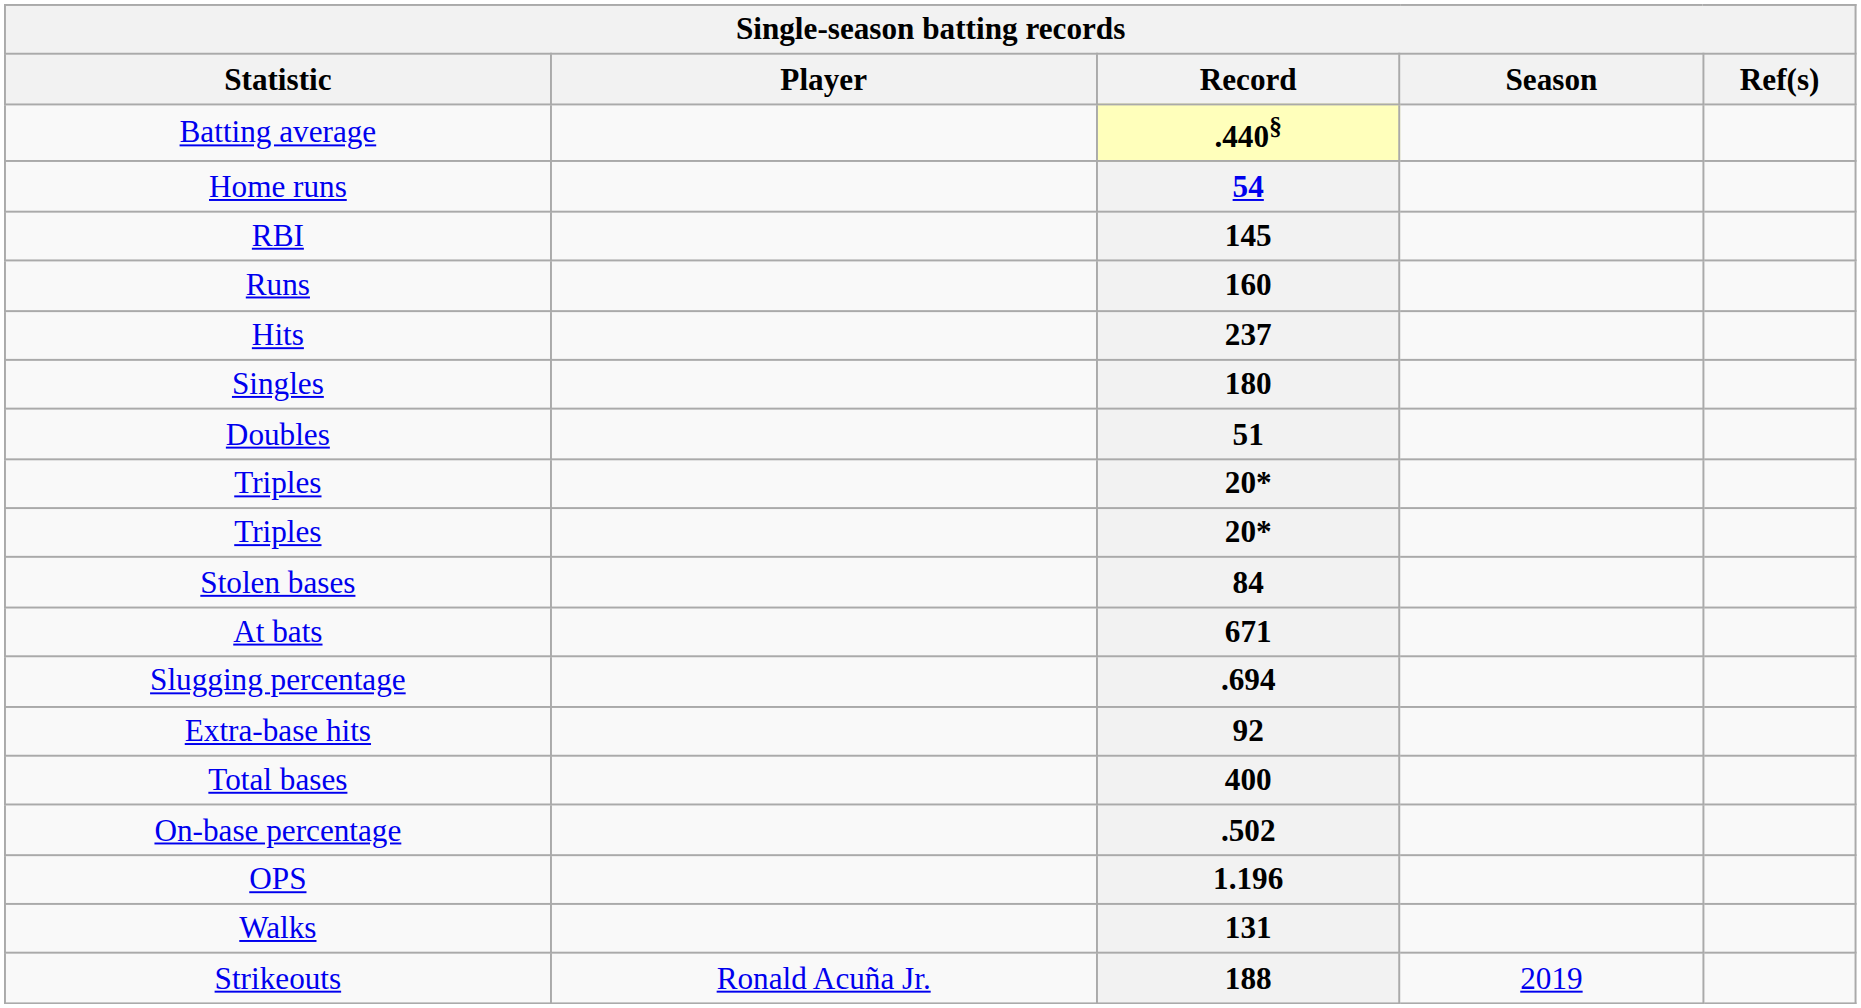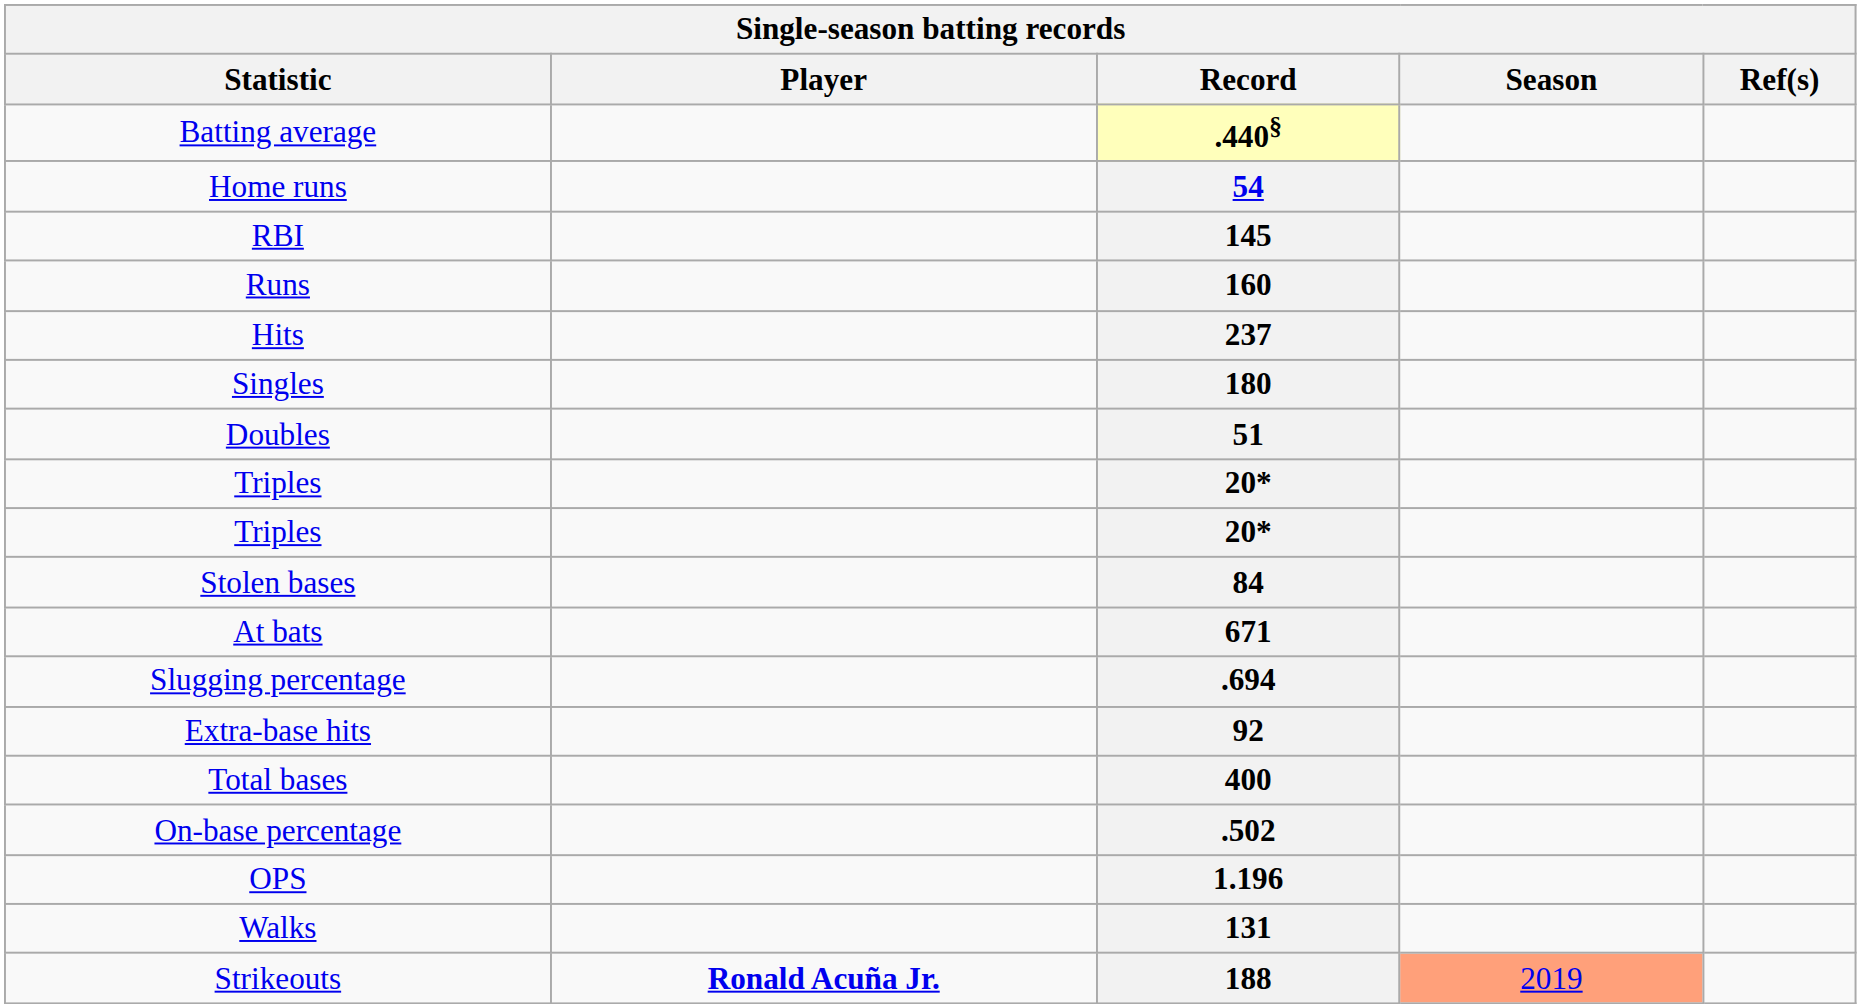 <table class="wikitable sortable" style="text-align:center" width="60%">
 <tr>
 <th colspan=5>Single-season batting records</th>
 </tr>
 <tr>
 <th scope="col" width=18%>Statistic</th>
 <th scope="col" width=18%>Player</th>
 <th scope="col" width=10% class="unsortable">Record</th>
 <th scope="col" width=10%>Season</th>
 <th scope="col" width=5% class="unsortable">Ref(s)</th>
 </tr>
 <tr>
 <td><a href='#'>Batting average</a></td>
 <td></td>
 <th scope="row" style="background-color:#ffffbb">.440<sup>§</sup></th>
 <td></td>
 <td></td>
 </tr>
 <tr>
 <td><a href='#'>Home runs</a></td>
 <td></td>
 <th scope="row"><a href='#'>54</a></th>
 <td></td>
 <td></td>
 </tr>
 <tr>
 <td><a href='#'>RBI</a></td>
 <td></td>
 <th scope="row">145</th>
 <td></td>
 <td></td>
 </tr>
 <tr>
 <td><a href='#'>Runs</a></td>
 <td></td>
 <th scope="row">160</th>
 <td></td>
 <td></td>
 </tr>
 <tr>
 <td><a href='#'>Hits</a></td>
 <td></td>
 <th scope="row">237</th>
 <td></td>
 <td></td>
 </tr>
 <tr>
 <td><a href='#'>Singles</a></td>
 <td></td>
 <th scope="row">180</th>
 <td></td>
 <td></td>
 </tr>
 <tr>
 <td><a href='#'>Doubles</a></td>
 <td></td>
 <th scope="row">51</th>
 <td></td>
 <td></td>
 </tr>
 <tr>
 <td><a href='#'>Triples</a></td>
 <td></td>
 <th scope="row">20*</th>
 <td></td>
 <td></td>
 </tr>
 <tr>
 <td><a href='#'>Triples</a></td>
 <td></td>
 <th scope="row">20*</th>
 <td></td>
 <td></td>
 </tr>
 <tr>
 <td><a href='#'>Stolen bases</a></td>
 <td></td>
 <th scope="row">84</th>
 <td></td>
 <td></td>
 </tr>
 <tr>
 <td><a href='#'>At bats</a></td>
 <td></td>
 <th scope="row">671</th>
 <td></td>
 <td></td>
 </tr>
 <tr>
 <td><a href='#'>Slugging percentage</a></td>
 <td></td>
 <th scope="row">.694</th>
 <td></td>
 <td></td>
 </tr>
 <tr>
 <td><a href='#'>Extra-base hits</a></td>
 <td></td>
 <th scope="row">92</th>
 <td></td>
 <td></td>
 </tr>
 <tr>
 <td><a href='#'>Total bases</a></td>
 <td></td>
 <th scope="row">400</th>
 <td></td>
 <td></td>
 </tr>
 <tr>
 <td><a href='#'>On-base percentage</a></td>
 <td></td>
 <th scope="row">.502</th>
 <td></td>
 <td></td>
 </tr>
 <tr>
 <td><a href='#'>OPS</a></td>
 <td></td>
 <th scope="row">1.196</th>
 <td></td>
 <td></td>
 </tr>
 <tr>
 <td><a href='#'>Walks</a></td>
 <td></td>
 <th scope="row">131</th>
 <td></td>
 <td></td>
 </tr>
 <tr>
 <td><a href='#'>Strikeouts</a></td>
-<td><a href='#'>Ronald Acuña Jr.</a></td>
+<td><strong><a href='#'>Ronald Acuña Jr.</a></strong></td>
 <th scope="row">188</th>
-<td><a href='#'>2019</a></td>
+<td style="background: lightsalmon;"><a href='#'>2019</a></td>
 <td></td>
 </tr>
 </table>
